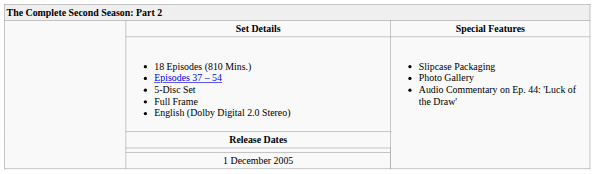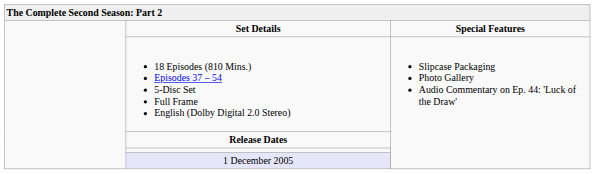 <table class="wikitable" style="font-size: 95%;">
 <tr style="background:#EFEFEF">
 <td colspan="5"><strong>The Complete Second Season: Part 2</strong></td>
 </tr>
 <tr>
 <td rowspan="6" align="center" width="180"></td>
 <td align="center" width="350" colspan="3"><strong>Set Details</strong></td>
 <td width="250" align="center"><strong>Special Features</strong></td>
 </tr>
 <tr valign="top">
 <td colspan="3" align="left" width="400"><br><ul><li>18 Episodes (810 Mins.)</li><li><a href='#'>Episodes 37 – 54</a></li><li>5-Disc Set</li><li>Full Frame</li><li>English (Dolby Digital 2.0 Stereo)</li></ul></td>
 <td rowspan="4" align="left" width="300"><br><ul><li>Slipcase Packaging</li><li>Photo Gallery</li><li>Audio Commentary on Ep. 44: 'Luck of the Draw'</li></ul></td>
 </tr>
 <tr>
 <td colspan="3" align="center"><strong>Release Dates</strong></td>
 </tr>
 <tr>
 <td align="center"></td>
 </tr>
 <tr>
-<td align="center">1 December 2005</td>
+<td align="center" style="background: lavender;">1 December 2005</td>
 </tr>
 </table>
